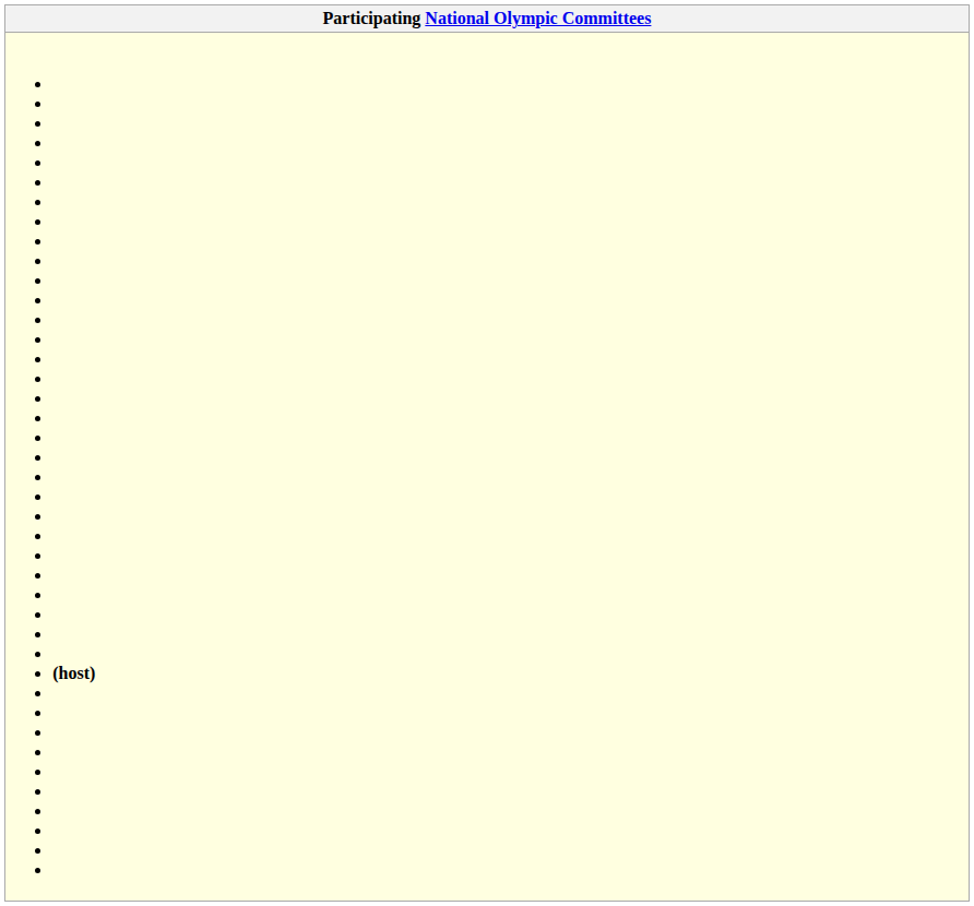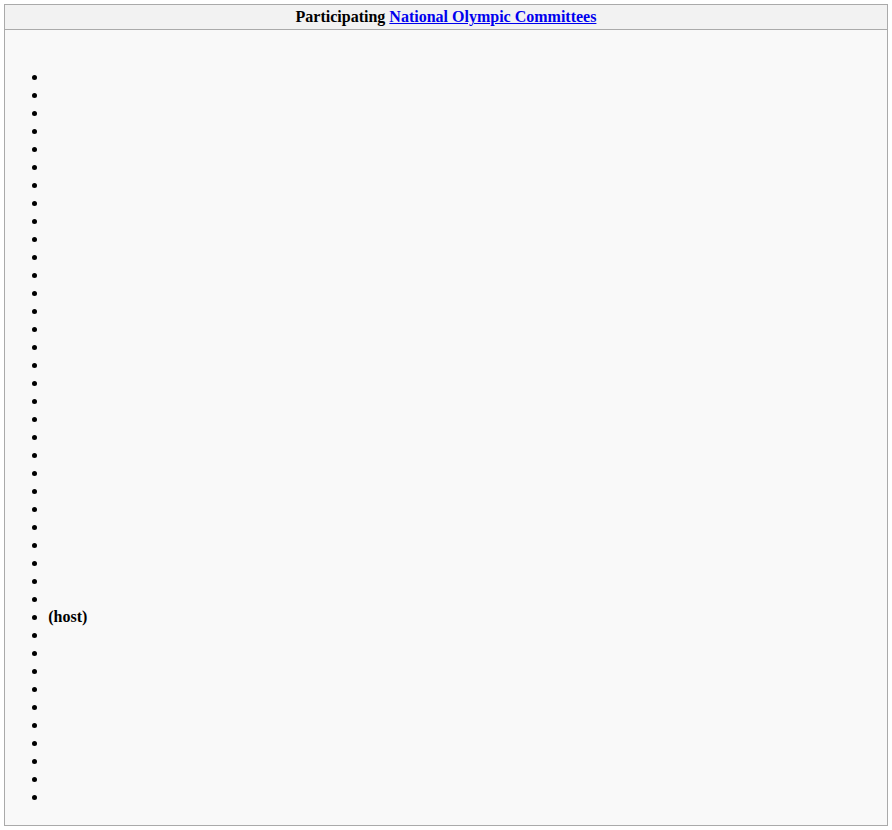 <table class="wikitable mw-collapsible" style="width:100%;">
 <tr>
 <th>Participating <a href='#'>National Olympic Committees</a></th>
 </tr>
 <tr>
-<td style="background: lightyellow;"><br><ul><li></li><li></li><li></li><li></li><li></li><li></li><li></li><li></li><li></li><li></li><li></li><li></li><li></li><li></li><li></li><li></li><li></li><li></li><li></li><li></li><li></li><li></li><li></li><li></li><li></li><li></li><li></li><li></li><li></li><li></li><li> <strong>(host)</strong></li><li></li><li></li><li></li><li></li><li></li><li></li><li></li><li></li><li></li><li></li></ul></td>
+<td><br><ul><li></li><li></li><li></li><li></li><li></li><li></li><li></li><li></li><li></li><li></li><li></li><li></li><li></li><li></li><li></li><li></li><li></li><li></li><li></li><li></li><li></li><li></li><li></li><li></li><li></li><li></li><li></li><li></li><li></li><li></li><li> <strong>(host)</strong></li><li></li><li></li><li></li><li></li><li></li><li></li><li></li><li></li><li></li><li></li></ul></td>
 </tr>
 </table>
